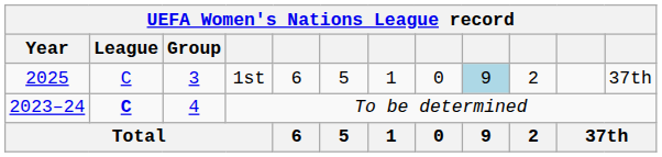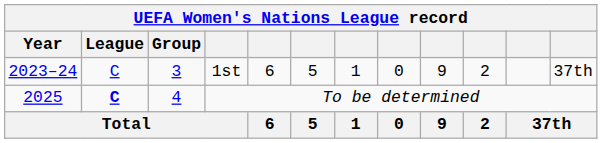 <table class="wikitable" style="text-align: center;">
 <tr>
 <th colspan=13><a href='#'>UEFA Women's Nations League</a> record</th>
 </tr>
 <tr>
 <th>Year</th>
 <th>League</th>
 <th>Group</th>
 <th width=28></th>
 <th width=28></th>
 <th width=28></th>
 <th width=28></th>
 <th width=28></th>
 <th width=28></th>
 <th width=28></th>
 <th width=28></th>
 <th width=28></th>
 </tr>
 <tr>
-<td><a href='#'>2025</a></td>
+<td><a href='#'>2023–24</a></td>
 <td><a href='#'>C</a></td>
 <td><a href='#'>3</a></td>
 <td>1st</td>
 <td>6</td>
 <td>5</td>
 <td>1</td>
 <td>0</td>
-<td style="background: lightblue;">9</td>
+<td>9</td>
 <td>2</td>
 <td></td>
 <td>37th</td>
 </tr>
 <tr>
-<td><a href='#'>2023–24</a></td>
+<td><a href='#'>2025</a></td>
 <td><strong><a href='#'>C</a></strong></td>
 <td><a href='#'>4</a></td>
 <td colspan=9><em>To be determined</em></td>
 </tr>
 <tr>
 <th colspan=4>Total</th>
 <th>6</th>
 <th>5</th>
 <th>1</th>
 <th>0</th>
 <th>9</th>
 <th>2</th>
 <th colspan=2>37th</th>
 </tr>
 </table>
